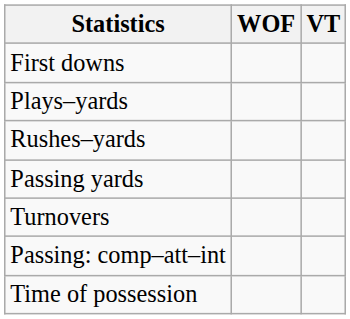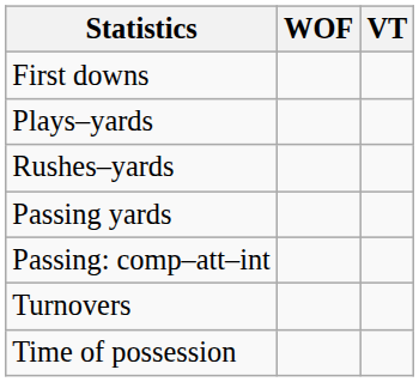 <table class="wikitable" style="float:left">
 <tr>
 <th>Statistics</th>
 <th>WOF</th>
 <th>VT</th>
 </tr>
 <tr>
 <td>First downs</td>
 <td></td>
 <td></td>
 </tr>
 <tr>
 <td>Plays–yards</td>
 <td></td>
 <td></td>
 </tr>
 <tr>
 <td>Rushes–yards</td>
 <td></td>
 <td></td>
 </tr>
 <tr>
 <td>Passing yards</td>
 <td></td>
 <td></td>
 </tr>
 <tr>
-<td>Turnovers</td>
+<td>Passing: comp–att–int</td>
 <td></td>
 <td></td>
 </tr>
 <tr>
-<td>Passing: comp–att–int</td>
+<td>Turnovers</td>
 <td></td>
 <td></td>
 </tr>
 <tr>
 <td>Time of possession</td>
 <td></td>
 <td></td>
 </tr>
 </table>
